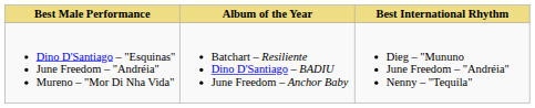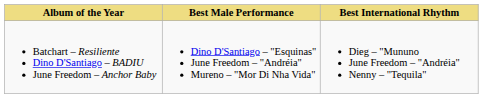 <table class=wikitable>
 <tr>
+<th style="background:#EEDD82; width:33%">Album of the Year</th>
 <th style="background:#EEDD82; width:33%">Best Male Performance</th>
-<th style="background:#EEDD82; width:33%">Album of the Year</th>
 <th style="background:#EEDD82; width:33%">Best International Rhythm</th>
 </tr>
 <tr>
+<td><br><ul><li>Batchart – <em>Resiliente</em></li><li><a href='#'>Dino D'Santiago</a> – <em>BADIU</em></li><li>June Freedom – <em>Anchor Baby</em></li></ul></td>
 <td><br><ul><li><a href='#'>Dino D'Santiago</a> – "Esquinas"</li><li>June Freedom – "Andréia"</li><li>Mureno – "Mor Di Nha Vida"</li></ul></td>
-<td><br><ul><li>Batchart – <em>Resiliente</em></li><li><a href='#'>Dino D'Santiago</a> – <em>BADIU</em></li><li>June Freedom – <em>Anchor Baby</em></li></ul></td>
 <td><br><ul><li>Dieg – "Mununo</li><li>June Freedom – "Andréia"</li><li>Nenny – "Tequila"</li></ul></td>
 </tr>
 </table>
